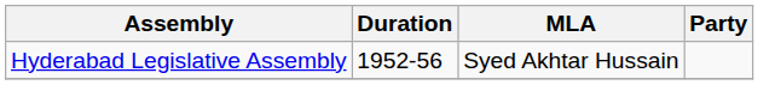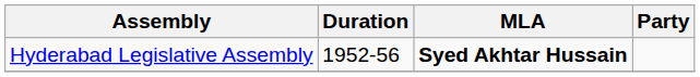 <table class="wikitable sortable">
 <tr>
 <th>Assembly</th>
 <th>Duration</th>
 <th>MLA</th>
 <th colspan=2>Party</th>
 </tr>
 <tr>
 <td><a href='#'>Hyderabad Legislative Assembly</a></td>
 <td>1952-56</td>
-<td>Syed Akhtar Hussain</td>
+<td><strong>Syed Akhtar Hussain</strong></td>
 <td></td>
 </tr>
 <tr>
 </tr>
 </table>
